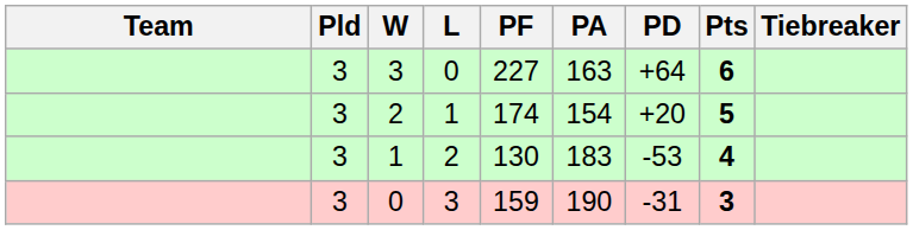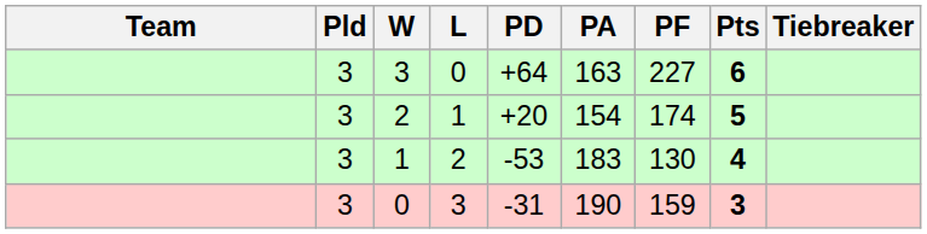 <table class="wikitable" style="text-align:center;">
 <tr>
 <th width=170>Team</th>
 <th width=25>Pld</th>
 <th width=25>W</th>
 <th width=25>L</th>
+<th width=35>PD</th>
+<th width=35>PA</th>
 <th width=35>PF</th>
-<th width=35>PA</th>
-<th width=35>PD</th>
 <th width=25>Pts</th>
 <th width=50>Tiebreaker</th>
 </tr>
 <tr bgcolor=ccffcc>
 <td align="left"></td>
 <td>3</td>
 <td>3</td>
 <td>0</td>
+<td>+64</td>
+<td>163</td>
 <td>227</td>
-<td>163</td>
-<td>+64</td>
 <td><strong>6</strong></td>
 <td></td>
 </tr>
 <tr bgcolor=ccffcc>
 <td align="left"></td>
 <td>3</td>
 <td>2</td>
 <td>1</td>
+<td>+20</td>
+<td>154</td>
 <td>174</td>
-<td>154</td>
-<td>+20</td>
 <td><strong>5</strong></td>
 <td></td>
 </tr>
 <tr bgcolor=ccffcc>
 <td align="left"></td>
 <td>3</td>
 <td>1</td>
 <td>2</td>
+<td>-53</td>
+<td>183</td>
 <td>130</td>
-<td>183</td>
-<td>-53</td>
 <td><strong>4</strong></td>
 <td></td>
 </tr>
 <tr bgcolor=ffcccc>
 <td align="left"></td>
 <td>3</td>
 <td>0</td>
 <td>3</td>
+<td>-31</td>
+<td>190</td>
 <td>159</td>
-<td>190</td>
-<td>-31</td>
 <td><strong>3</strong></td>
 <td></td>
 </tr>
 </table>
